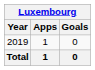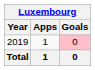 <table class="wikitable" style="text-align:center">
 <tr>
 <th colspan=3><a href='#'>Luxembourg</a></th>
 </tr>
 <tr>
 <th>Year</th>
 <th>Apps</th>
 <th>Goals</th>
 </tr>
 <tr>
 <td>2019</td>
 <td>1</td>
-<td>0</td>
+<td style="background: pink;">0</td>
 </tr>
 <tr>
 <th>Total</th>
 <th>1</th>
 <th>0</th>
 </tr>
 </table>
